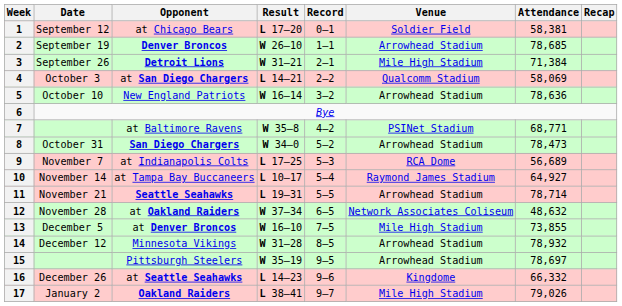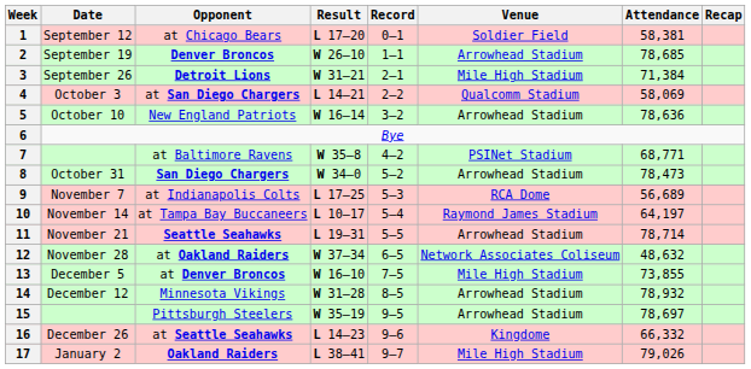 <table class="wikitable" style="text-align:center">
 <tr>
 <th>Week</th>
 <th>Date</th>
 <th>Opponent</th>
 <th>Result</th>
 <th>Record</th>
 <th>Venue</th>
 <th>Attendance</th>
 <th>Recap</th>
 </tr>
 <tr style="background:#fcc">
 <th>1</th>
 <td>September 12</td>
 <td>at <a href='#'>Chicago Bears</a></td>
 <td><strong>L</strong> 17–20</td>
 <td>0–1</td>
 <td><a href='#'>Soldier Field</a></td>
 <td>58,381</td>
 <td></td>
 </tr>
 <tr style="background:#cfc">
 <th>2</th>
 <td>September 19</td>
 <td><strong><a href='#'>Denver Broncos</a></strong></td>
 <td><strong>W</strong> 26–10</td>
 <td>1–1</td>
 <td><a href='#'>Arrowhead Stadium</a></td>
 <td>78,685</td>
 <td></td>
 </tr>
 <tr style="background:#cfc">
 <th>3</th>
 <td>September 26</td>
 <td><strong><a href='#'>Detroit Lions</a></strong></td>
 <td><strong>W</strong> 31–21</td>
 <td>2–1</td>
 <td><a href='#'>Mile High Stadium</a></td>
 <td>71,384</td>
 <td></td>
 </tr>
 <tr style="background:#fcc">
 <th>4</th>
 <td>October 3</td>
 <td>at <strong><a href='#'>San Diego Chargers</a></strong></td>
 <td><strong>L</strong> 14–21</td>
 <td>2–2</td>
 <td><a href='#'>Qualcomm Stadium</a></td>
 <td>58,069</td>
 <td></td>
 </tr>
 <tr style="background:#cfc">
 <th>5</th>
 <td>October 10</td>
 <td><a href='#'>New England Patriots</a></td>
 <td><strong>W</strong> 16–14</td>
 <td>3–2</td>
 <td>Arrowhead Stadium</td>
 <td>78,636</td>
 <td></td>
 </tr>
 <tr>
 <th>6</th>
 <td colspan="7"><em><a href='#'>Bye</a></em></td>
 </tr>
 <tr style="background:#cfc">
 <th>7</th>
 <td></td>
 <td>at <a href='#'>Baltimore Ravens</a></td>
 <td><strong>W</strong> 35–8</td>
 <td>4–2</td>
 <td><a href='#'>PSINet Stadium</a></td>
 <td>68,771</td>
 <td></td>
 </tr>
 <tr style="background:#cfc">
 <th>8</th>
 <td>October 31</td>
 <td><strong><a href='#'>San Diego Chargers</a></strong></td>
 <td><strong>W</strong> 34–0</td>
 <td>5–2</td>
 <td>Arrowhead Stadium</td>
 <td>78,473</td>
 <td></td>
 </tr>
 <tr style="background:#fcc">
 <th>9</th>
 <td>November 7</td>
 <td>at <a href='#'>Indianapolis Colts</a></td>
 <td><strong>L</strong> 17–25</td>
 <td>5–3</td>
 <td><a href='#'>RCA Dome</a></td>
 <td>56,689</td>
 <td></td>
 </tr>
 <tr style="background:#fcc">
 <th>10</th>
 <td>November 14</td>
 <td>at <a href='#'>Tampa Bay Buccaneers</a></td>
 <td><strong>L</strong> 10–17</td>
 <td>5–4</td>
 <td><a href='#'>Raymond James Stadium</a></td>
-<td>64,927</td>
+<td>64,197</td>
 <td></td>
 </tr>
 <tr style="background:#fcc">
 <th>11</th>
 <td>November 21</td>
 <td><strong><a href='#'>Seattle Seahawks</a></strong></td>
 <td><strong>L</strong> 19–31</td>
 <td>5–5</td>
 <td>Arrowhead Stadium</td>
 <td>78,714</td>
 <td></td>
 </tr>
 <tr style="background:#cfc">
 <th>12</th>
 <td>November 28</td>
 <td>at <strong><a href='#'>Oakland Raiders</a></strong></td>
 <td><strong>W</strong> 37–34</td>
 <td>6–5</td>
 <td><a href='#'>Network Associates Coliseum</a></td>
 <td>48,632</td>
 <td></td>
 </tr>
 <tr style="background:#cfc">
 <th>13</th>
 <td>December 5</td>
 <td>at <strong><a href='#'>Denver Broncos</a></strong></td>
 <td><strong>W</strong> 16–10</td>
 <td>7–5</td>
 <td><a href='#'>Mile High Stadium</a></td>
 <td>73,855</td>
 <td></td>
 </tr>
 <tr style="background:#cfc">
 <th>14</th>
 <td>December 12</td>
 <td><a href='#'>Minnesota Vikings</a></td>
 <td><strong>W</strong> 31–28</td>
 <td>8–5</td>
 <td>Arrowhead Stadium</td>
 <td>78,932</td>
 <td></td>
 </tr>
 <tr style="background:#cfc">
 <th>15</th>
 <td></td>
 <td><a href='#'>Pittsburgh Steelers</a></td>
 <td><strong>W</strong> 35–19</td>
 <td>9–5</td>
 <td>Arrowhead Stadium</td>
 <td>78,697</td>
 <td></td>
 </tr>
 <tr style="background:#fcc">
 <th>16</th>
 <td>December 26</td>
 <td>at <strong><a href='#'>Seattle Seahawks</a></strong></td>
 <td><strong>L</strong> 14–23</td>
 <td>9–6</td>
 <td><a href='#'>Kingdome</a></td>
 <td>66,332</td>
 <td></td>
 </tr>
 <tr style="background:#fcc">
 <th>17</th>
 <td>January 2</td>
 <td><strong><a href='#'>Oakland Raiders</a></strong></td>
 <td><strong>L</strong> 38–41 </td>
 <td>9–7</td>
 <td><a href='#'>Mile High Stadium</a></td>
 <td>79,026</td>
 <td></td>
 </tr>
 </table>
